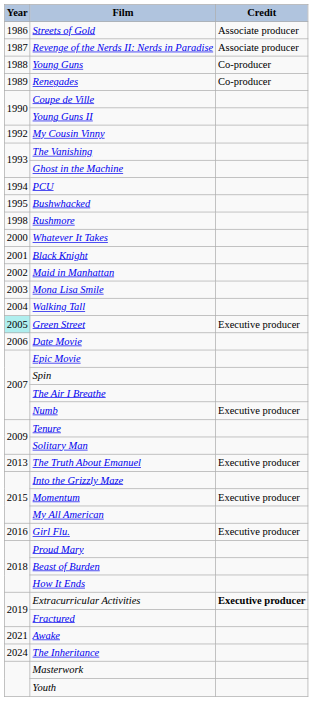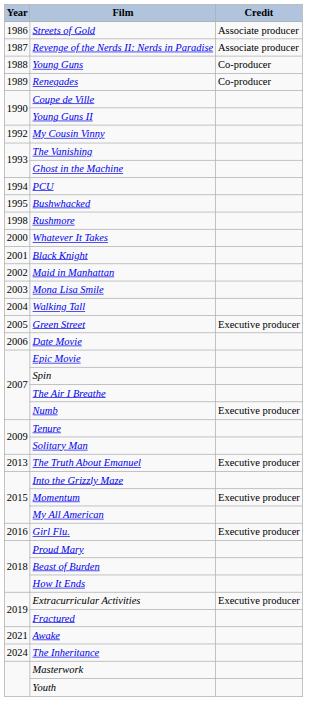 <table class="wikitable" style="font-size:95%;">
 <tr>
 <th style="background:#B0C4DE;">Year</th>
 <th style="background:#B0C4DE;">Film</th>
 <th style="background:#B0C4DE;">Credit</th>
 </tr>
 <tr>
 <td>1986</td>
 <td><em><a href='#'>Streets of Gold</a></em></td>
 <td>Associate producer</td>
 </tr>
 <tr>
 <td>1987</td>
 <td><em><a href='#'>Revenge of the Nerds II: Nerds in Paradise</a></em></td>
 <td>Associate producer</td>
 </tr>
 <tr>
 <td>1988</td>
 <td><em><a href='#'>Young Guns</a></em></td>
 <td>Co-producer</td>
 </tr>
 <tr>
 <td>1989</td>
 <td><em><a href='#'>Renegades</a></em></td>
 <td>Co-producer</td>
 </tr>
 <tr>
 <td rowspan=2>1990</td>
 <td><em><a href='#'>Coupe de Ville</a></em></td>
 <td></td>
 </tr>
 <tr>
 <td><em><a href='#'>Young Guns II</a></em></td>
 <td></td>
 </tr>
 <tr>
 <td>1992</td>
 <td><em><a href='#'>My Cousin Vinny</a></em></td>
 <td></td>
 </tr>
 <tr>
 <td rowspan=2>1993</td>
 <td><em><a href='#'>The Vanishing</a></em></td>
 <td></td>
 </tr>
 <tr>
 <td><em><a href='#'>Ghost in the Machine</a></em></td>
 <td></td>
 </tr>
 <tr>
 <td>1994</td>
 <td><em><a href='#'>PCU</a></em></td>
 <td></td>
 </tr>
 <tr>
 <td>1995</td>
 <td><em><a href='#'>Bushwhacked</a></em></td>
 <td></td>
 </tr>
 <tr>
 <td>1998</td>
 <td><em><a href='#'>Rushmore</a></em></td>
 <td></td>
 </tr>
 <tr>
 <td>2000</td>
 <td><em><a href='#'>Whatever It Takes</a></em></td>
 <td></td>
 </tr>
 <tr>
 <td>2001</td>
 <td><em><a href='#'>Black Knight</a></em></td>
 <td></td>
 </tr>
 <tr>
 <td>2002</td>
 <td><em><a href='#'>Maid in Manhattan</a></em></td>
 <td></td>
 </tr>
 <tr>
 <td>2003</td>
 <td><em><a href='#'>Mona Lisa Smile</a></em></td>
 <td></td>
 </tr>
 <tr>
 <td>2004</td>
 <td><em><a href='#'>Walking Tall</a></em></td>
 <td></td>
 </tr>
 <tr>
-<td style="background: paleturquoise;">2005</td>
+<td>2005</td>
 <td><em><a href='#'>Green Street</a></em></td>
 <td>Executive producer</td>
 </tr>
 <tr>
 <td>2006</td>
 <td><em><a href='#'>Date Movie</a></em></td>
 <td></td>
 </tr>
 <tr>
 <td rowspan=4>2007</td>
 <td><em><a href='#'>Epic Movie</a></em></td>
 <td></td>
 </tr>
 <tr>
 <td><em>Spin</em></td>
 <td></td>
 </tr>
 <tr>
 <td><em><a href='#'>The Air I Breathe</a></em></td>
 <td></td>
 </tr>
 <tr>
 <td><em><a href='#'>Numb</a></em></td>
 <td>Executive producer</td>
 </tr>
 <tr>
 <td rowspan=2>2009</td>
 <td><em><a href='#'>Tenure</a></em></td>
 <td></td>
 </tr>
 <tr>
 <td><em><a href='#'>Solitary Man</a></em></td>
 <td></td>
 </tr>
 <tr>
 <td>2013</td>
 <td><em><a href='#'>The Truth About Emanuel</a></em></td>
 <td>Executive producer</td>
 </tr>
 <tr>
 <td rowspan=3>2015</td>
 <td><em><a href='#'>Into the Grizzly Maze</a></em></td>
 <td></td>
 </tr>
 <tr>
 <td><em><a href='#'>Momentum</a></em></td>
 <td>Executive producer</td>
 </tr>
 <tr>
 <td><em><a href='#'>My All American</a></em></td>
 <td></td>
 </tr>
 <tr>
 <td>2016</td>
 <td><em><a href='#'>Girl Flu.</a></em></td>
 <td>Executive producer</td>
 </tr>
 <tr>
 <td rowspan=3>2018</td>
 <td><em><a href='#'>Proud Mary</a></em></td>
 <td></td>
 </tr>
 <tr>
 <td><em><a href='#'>Beast of Burden</a></em></td>
 <td></td>
 </tr>
 <tr>
 <td><em><a href='#'>How It Ends</a></em></td>
 <td></td>
 </tr>
 <tr>
 <td rowspan=2>2019</td>
 <td><em>Extracurricular Activities</em></td>
-<td><strong>Executive producer</strong></td>
+<td>Executive producer</td>
 </tr>
 <tr>
 <td><em><a href='#'>Fractured</a></em></td>
 <td></td>
 </tr>
 <tr>
 <td>2021</td>
 <td><em><a href='#'>Awake</a></em></td>
 <td></td>
 </tr>
 <tr>
 <td>2024</td>
 <td><em><a href='#'>The Inheritance</a></em></td>
 <td></td>
 </tr>
 <tr>
 <td rowspan="2" style="text-align:center;"></td>
 <td><em>Masterwork</em></td>
 <td></td>
 </tr>
 <tr>
 <td><em>Youth</em></td>
 <td></td>
 </tr>
 </table>
